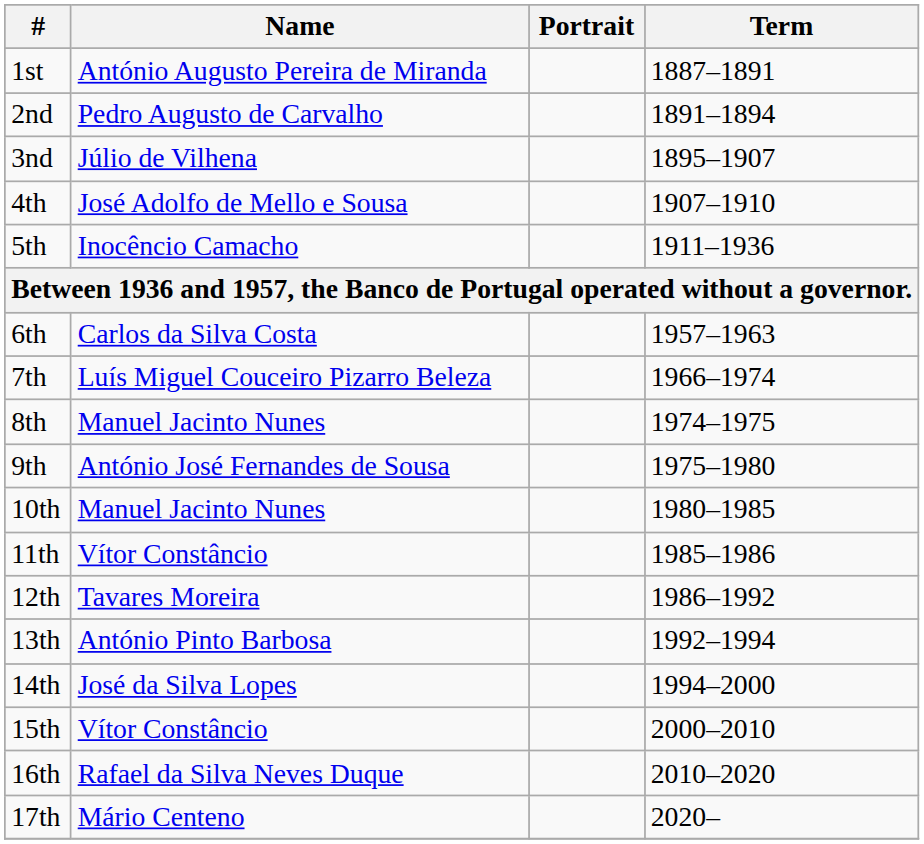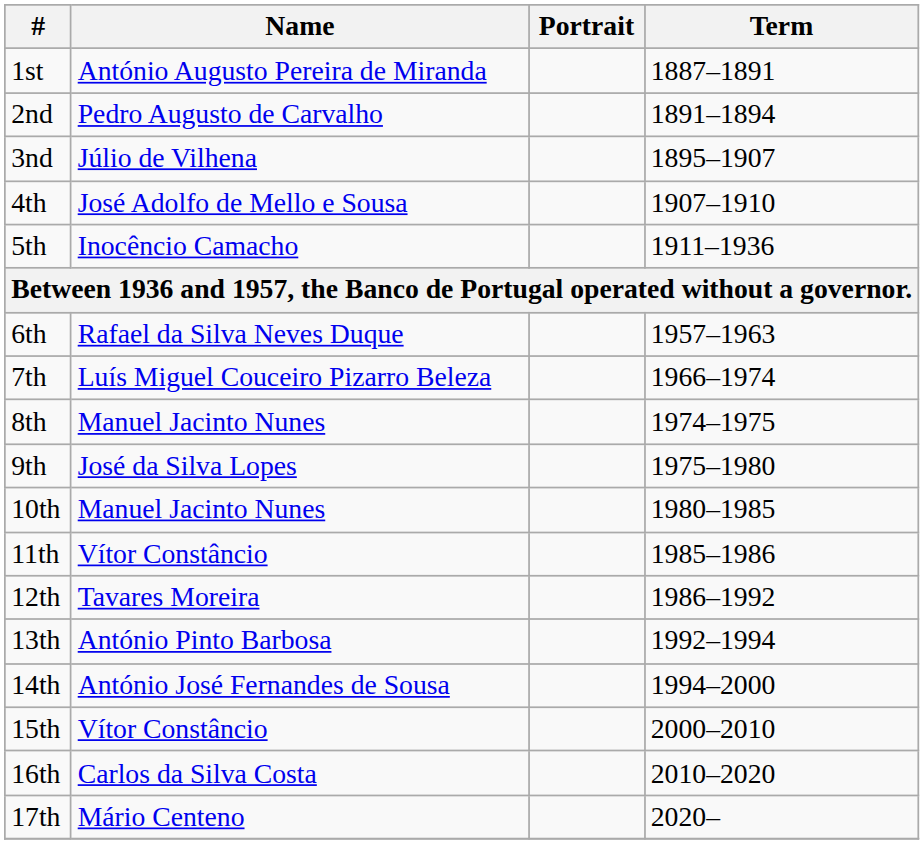 <table class="wikitable">
 <tr>
 <th>#</th>
 <th>Name</th>
 <th>Portrait</th>
 <th width=30%>Term</th>
 </tr>
 <tr>
 <td>1st</td>
 <td><a href='#'>António Augusto Pereira de Miranda</a></td>
 <td></td>
 <td>1887–1891</td>
 </tr>
 <tr>
 <td>2nd</td>
 <td><a href='#'>Pedro Augusto de Carvalho</a></td>
 <td></td>
 <td>1891–1894</td>
 </tr>
 <tr>
 <td>3nd</td>
 <td><a href='#'>Júlio de Vilhena</a></td>
 <td></td>
 <td>1895–1907</td>
 </tr>
 <tr>
 <td>4th</td>
 <td><a href='#'>José Adolfo de Mello e Sousa</a></td>
 <td></td>
 <td>1907–1910</td>
 </tr>
 <tr>
 <td>5th</td>
 <td><a href='#'>Inocêncio Camacho</a></td>
 <td></td>
 <td>1911–1936</td>
 </tr>
 <tr>
 <th colspan=10>Between 1936 and 1957, the Banco de Portugal operated without a governor.</th>
 </tr>
 <tr>
 <td>6th</td>
-<td><a href='#'>Carlos da Silva Costa</a></td>
+<td><a href='#'>Rafael da Silva Neves Duque</a></td>
 <td></td>
 <td>1957–1963</td>
 </tr>
 <tr>
 <td>7th</td>
 <td><a href='#'>Luís Miguel Couceiro Pizarro Beleza</a></td>
 <td></td>
 <td>1966–1974</td>
 </tr>
 <tr>
 <td>8th</td>
 <td><a href='#'>Manuel Jacinto Nunes</a></td>
 <td></td>
 <td>1974–1975</td>
 </tr>
 <tr>
 <td>9th</td>
-<td><a href='#'>António José Fernandes de Sousa</a></td>
+<td><a href='#'>José da Silva Lopes</a></td>
 <td></td>
 <td>1975–1980</td>
 </tr>
 <tr>
 <td>10th</td>
 <td><a href='#'>Manuel Jacinto Nunes</a></td>
 <td></td>
 <td>1980–1985</td>
 </tr>
 <tr>
 <td>11th</td>
 <td><a href='#'>Vítor Constâncio</a></td>
 <td></td>
 <td>1985–1986</td>
 </tr>
 <tr>
 <td>12th</td>
 <td><a href='#'>Tavares Moreira</a></td>
 <td></td>
 <td>1986–1992</td>
 </tr>
 <tr>
 <td>13th</td>
 <td><a href='#'>António Pinto Barbosa</a></td>
 <td></td>
 <td>1992–1994</td>
 </tr>
 <tr>
 <td>14th</td>
-<td><a href='#'>José da Silva Lopes</a></td>
+<td><a href='#'>António José Fernandes de Sousa</a></td>
 <td></td>
 <td>1994–2000</td>
 </tr>
 <tr>
 <td>15th</td>
 <td><a href='#'>Vítor Constâncio</a></td>
 <td></td>
 <td>2000–2010</td>
 </tr>
 <tr>
 <td>16th</td>
-<td><a href='#'>Rafael da Silva Neves Duque</a></td>
+<td><a href='#'>Carlos da Silva Costa</a></td>
 <td></td>
 <td>2010–2020</td>
 </tr>
 <tr>
 <td>17th</td>
 <td><a href='#'>Mário Centeno</a></td>
 <td></td>
 <td>2020–</td>
 </tr>
 <tr>
 </tr>
 </table>
